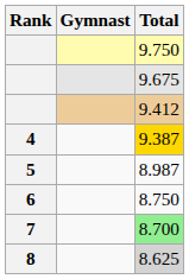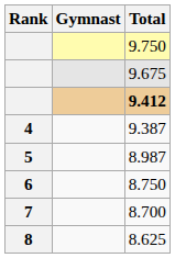 <table class="wikitable sortable" style="text-align:center; font-size:95%">
 <tr>
 <th scope=col>Rank</th>
 <th scope=col>Gymnast</th>
 <th scope=col>Total</th>
 </tr>
 <tr bgcolor=fffcaf>
 <th scope=row style="text-align:center"></th>
 <td align=left></td>
 <td>9.750</td>
 </tr>
 <tr bgcolor=e5e5e5>
 <th scope=row style="text-align:center"></th>
 <td align=left></td>
 <td>9.675</td>
 </tr>
 <tr bgcolor=eecc99>
 <th scope=row style="text-align:center"></th>
 <td align=left></td>
-<td>9.412</td>
+<td><strong>9.412</strong></td>
 </tr>
 <tr>
 <th scope=row style="text-align:center">4</th>
 <td align=left></td>
-<td style="background: gold;">9.387</td>
+<td>9.387</td>
 </tr>
 <tr>
 <th scope=row style="text-align:center">5</th>
 <td align=left></td>
 <td>8.987</td>
 </tr>
 <tr>
 <th scope=row style="text-align:center">6</th>
 <td align=left></td>
 <td>8.750</td>
 </tr>
 <tr>
 <th scope=row style="text-align:center">7</th>
 <td align=left></td>
-<td style="background: lightgreen;">8.700</td>
+<td>8.700</td>
 </tr>
 <tr>
 <th scope=row style="text-align:center">8</th>
 <td align=left></td>
-<td style="background: lightgrey;">8.625</td>
+<td>8.625</td>
 </tr>
 <tr>
 </tr>
 </table>
